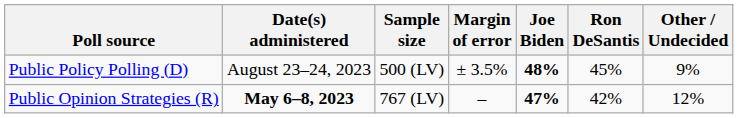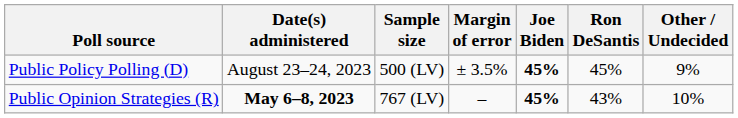 <table class="wikitable sortable mw-datatable" style="font-size:90%;text-align:center;line-height:17px">
 <tr valign=bottom>
 <th>Poll source</th>
 <th>Date(s)<br>administered</th>
 <th>Sample<br>size</th>
 <th>Margin<br>of error</th>
 <th class="unsortable">Joe<br>Biden<br></th>
 <th class="unsortable">Ron<br>DeSantis<br></th>
 <th class="unsortable">Other /<br>Undecided</th>
 </tr>
 <tr>
 <td style="text-align:left;"><a href='#'>Public Policy Polling (D)</a></td>
 <td data-sort-value="2023-08-28">August 23–24, 2023</td>
 <td>500 (LV)</td>
 <td>± 3.5%</td>
-<td style="color:black;background-color:"><strong>48%</strong></td>
+<td style="color:black;background-color:"><strong>45%</strong></td>
 <td>45%</td>
 <td>9%</td>
 </tr>
 <tr>
 <td style="text-align:left;"><a href='#'>Public Opinion Strategies (R)</a></td>
 <td data-sort-value="2023-05-08"><strong>May 6–8, 2023</strong></td>
 <td>767 (LV)</td>
 <td>–</td>
-<td style="color:black;background-color:"><strong>47%</strong></td>
-<td>42%</td>
-<td>12%</td>
+<td style="color:black;background-color:"><strong>45%</strong></td>
+<td>43%</td>
+<td>10%</td>
 </tr>
 </table>
